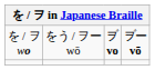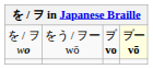 <table class="wikitable nowrap" style="text-align:center">
 <tr>
 <th colspan=4>を / ヲ in <a href='#'>Japanese Braille</a></th>
 </tr>
 <tr>
 <td>を / ヲ <br><em>w<strong><em>o<strong></td>
 <td>をう / ヲー <br></em>w</em></strong>ō</strong></td>
 <td>ヺ <br><strong>vo</strong></td>
-<td>ヺー <br><strong>vō</strong></td>
+<td style="background: lightyellow;">ヺー <br><strong>vō</strong></td>
 </tr>
 <tr>
 <td></td>
 <td></td>
 <td></td>
 <td></td>
 </tr>
 </table>
